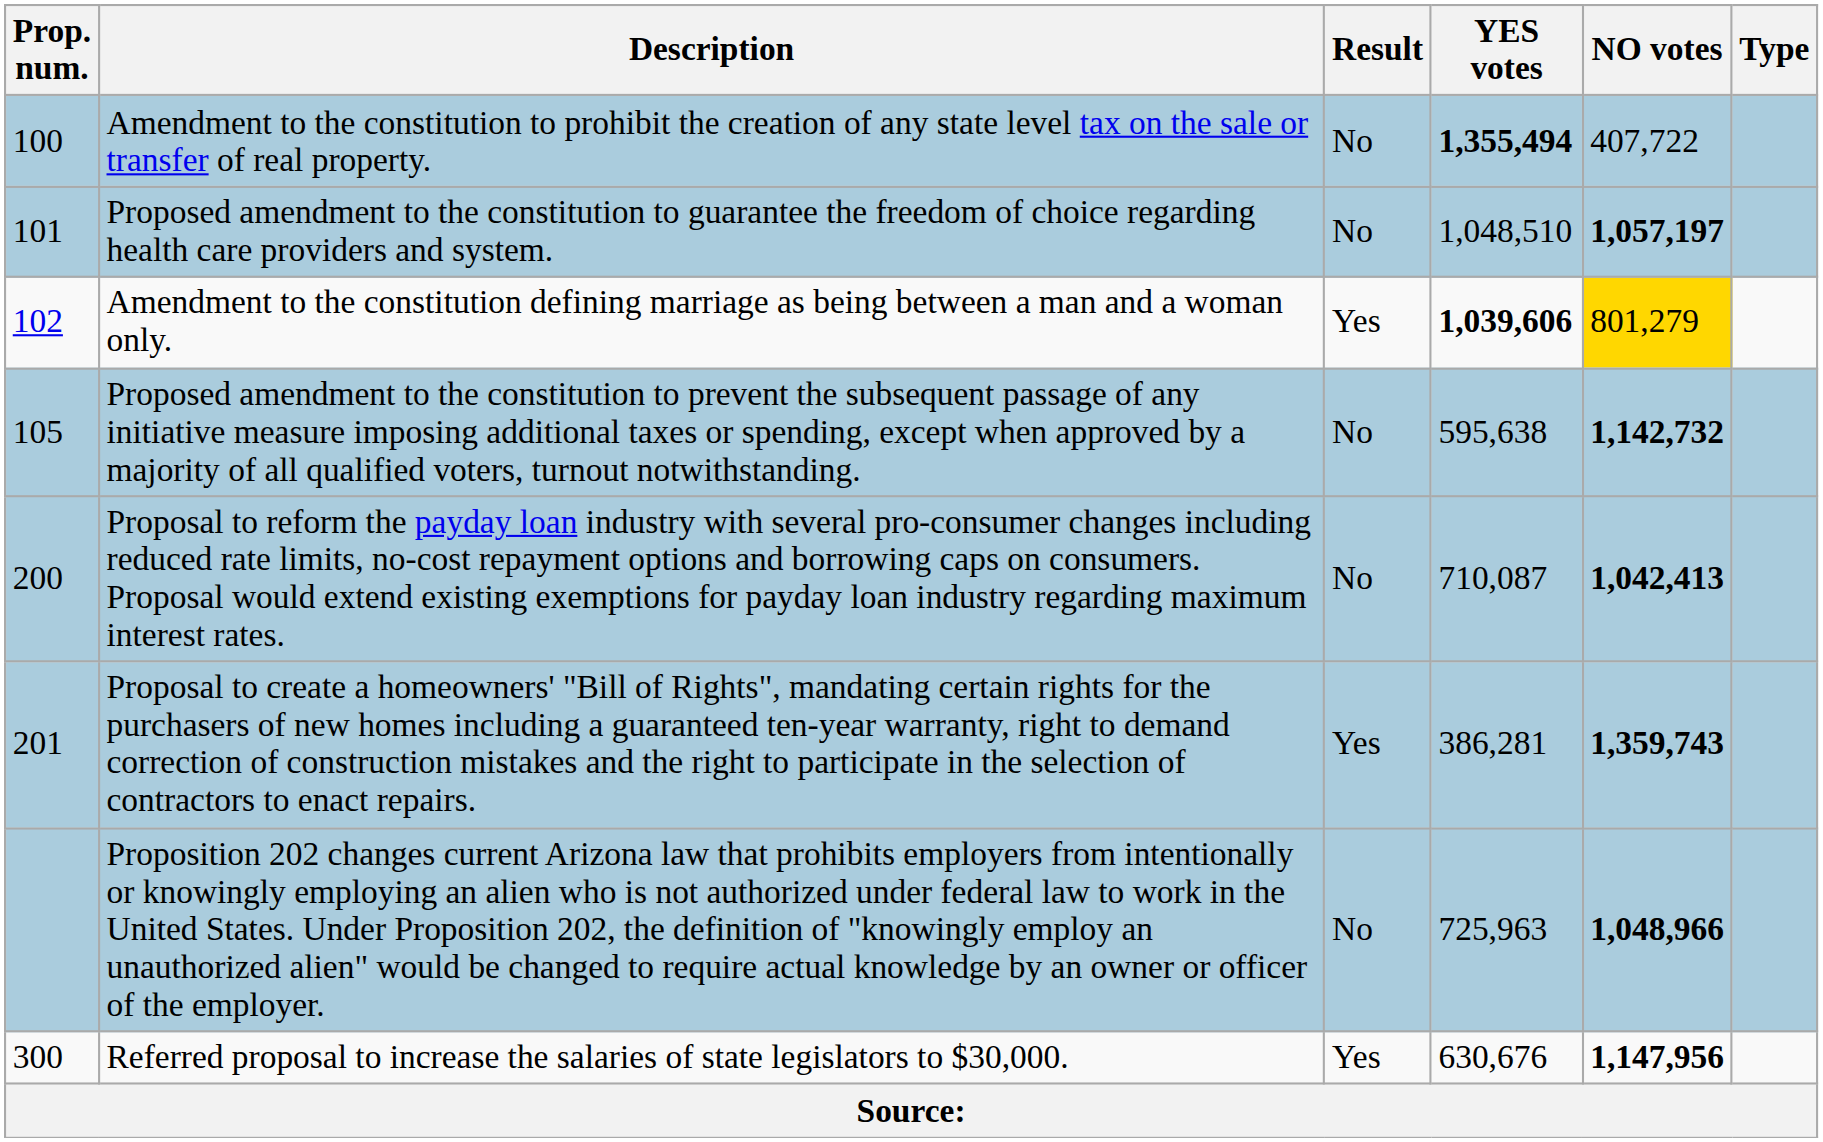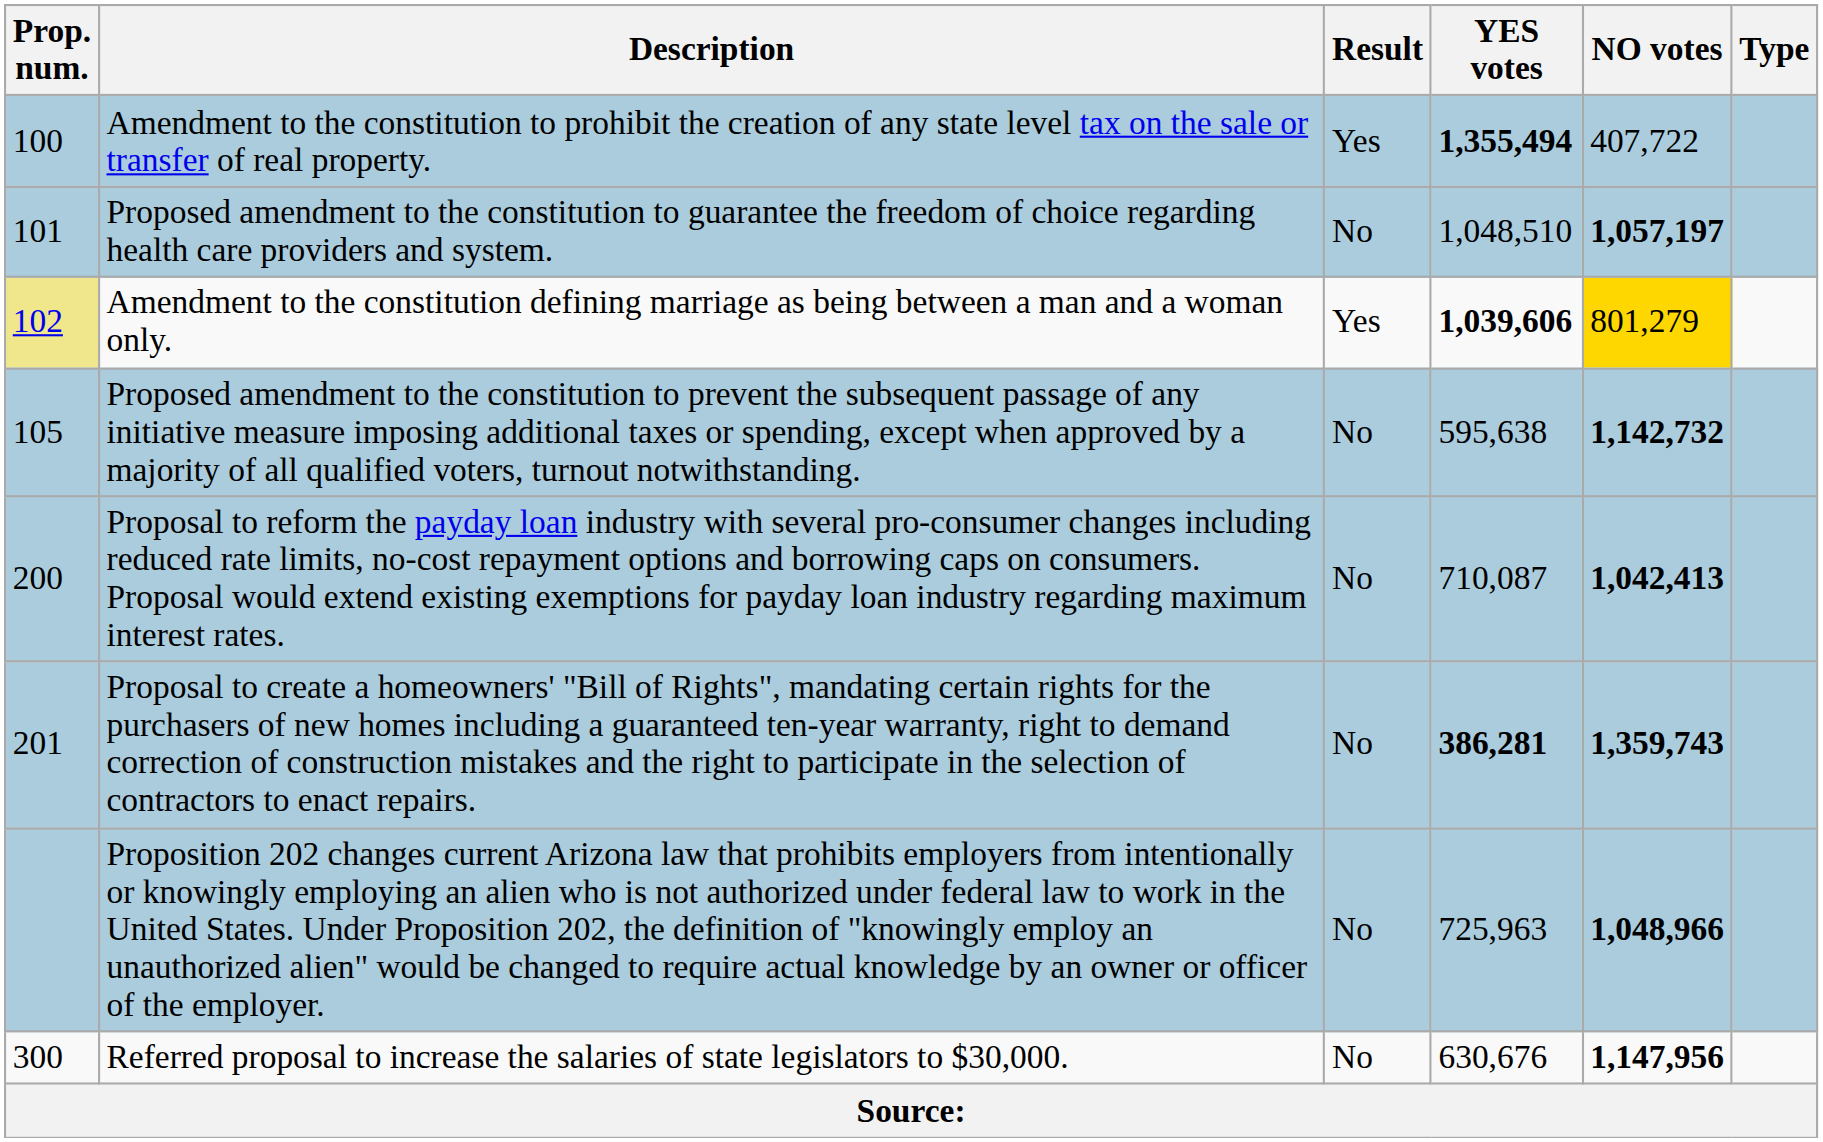 <table class="wikitable sortable">
 <tr>
 <th>Prop.<br>num.</th>
 <th>Description</th>
 <th>Result</th>
 <th>YES votes</th>
 <th>NO votes</th>
 <th>Type</th>
 </tr>
 <tr bgcolor="#aaccdd">
 <td>100</td>
 <td>Amendment to the constitution to prohibit the creation of any state level <a href='#'>tax on the sale or transfer</a> of real property.</td>
-<td> No</td>
+<td> Yes</td>
 <td><strong>1,355,494</strong></td>
 <td>407,722</td>
 <td></td>
 </tr>
 <tr bgcolor="#aaccdd">
 <td>101</td>
 <td>Proposed amendment to the constitution to guarantee the freedom of choice regarding health care providers and system.</td>
 <td> No</td>
 <td>1,048,510</td>
 <td><strong>1,057,197</strong></td>
 <td></td>
 </tr>
 <tr>
-<td><a href='#'>102</a></td>
+<td style="background: khaki;"><a href='#'>102</a></td>
 <td>Amendment to the constitution defining marriage as being between a man and a woman only.</td>
 <td> Yes</td>
 <td><strong>1,039,606</strong></td>
 <td style="background: gold;">801,279</td>
 <td></td>
 </tr>
 <tr bgcolor="#aaccdd">
 <td>105</td>
 <td>Proposed amendment to the constitution to prevent the subsequent passage of any initiative measure imposing additional taxes or spending, except when approved by a majority of all qualified voters, turnout notwithstanding.</td>
 <td> No</td>
 <td>595,638</td>
 <td><strong>1,142,732</strong></td>
 <td></td>
 </tr>
 <tr bgcolor="#aaccdd">
 <td>200</td>
 <td>Proposal to reform the <a href='#'>payday loan</a> industry with several pro-consumer changes including reduced rate limits, no-cost repayment options and borrowing caps on consumers.  Proposal would extend existing exemptions for payday loan industry regarding maximum interest rates.</td>
 <td> No</td>
 <td>710,087</td>
 <td><strong>1,042,413</strong></td>
 <td></td>
 </tr>
 <tr bgcolor="#aaccdd">
 <td>201</td>
 <td>Proposal to create a homeowners' "Bill of Rights", mandating certain rights for the purchasers of new homes including a guaranteed ten-year warranty, right to demand correction of construction mistakes and the right to participate in the selection of contractors to enact repairs.</td>
-<td> Yes</td>
-<td>386,281</td>
+<td> No</td>
+<td><strong>386,281</strong></td>
 <td><strong>1,359,743</strong></td>
 <td></td>
 </tr>
 <tr bgcolor="#aaccdd">
 <td></td>
 <td>Proposition 202 changes current Arizona law that prohibits employers from intentionally or knowingly employing an alien who is not authorized under federal law to work in the United States. Under Proposition 202, the definition of "knowingly employ an unauthorized alien" would be changed to require actual knowledge by an owner or officer of the employer.</td>
 <td> No</td>
 <td>725,963</td>
 <td><strong>1,048,966</strong></td>
 <td></td>
 </tr>
 <tr>
 <td>300</td>
 <td>Referred proposal to increase the salaries of state legislators to $30,000.</td>
-<td> Yes</td>
+<td> No</td>
 <td>630,676</td>
 <td><strong>1,147,956</strong></td>
 <td></td>
 </tr>
 <tr>
 <th colspan="6">Source:</th>
 </tr>
 </table>
